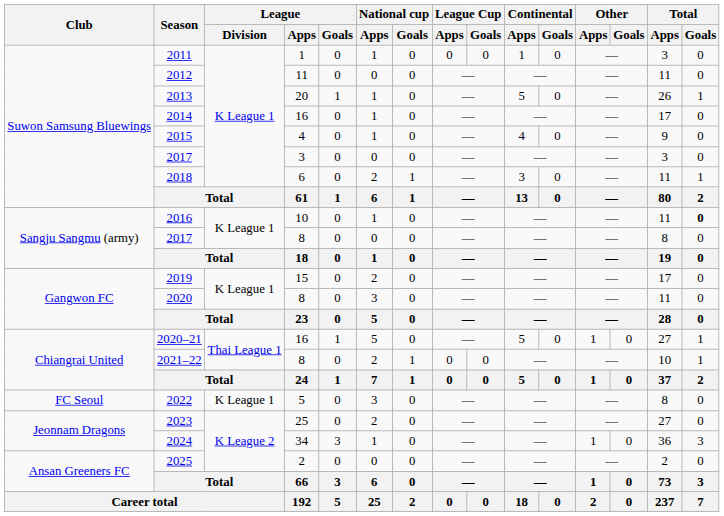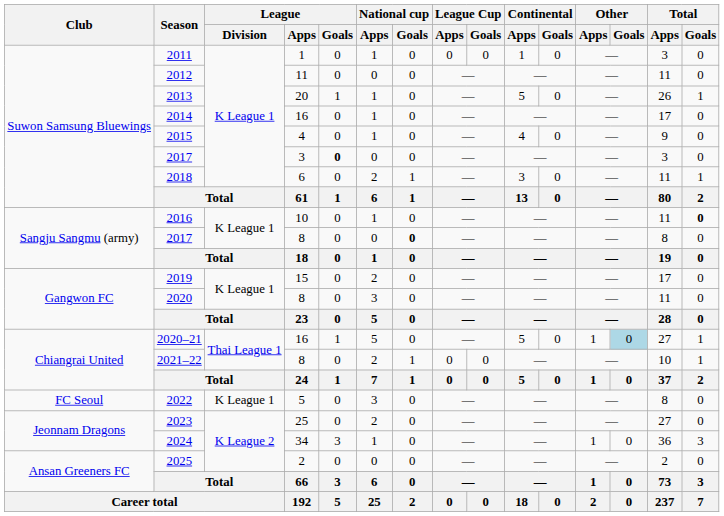 <table class="wikitable" style="text-align: center">
 <tr>
 <th rowspan="2">Club</th>
 <th rowspan="2">Season</th>
 <th colspan="3">League</th>
 <th colspan="2">National cup</th>
 <th colspan="2">League Cup</th>
 <th colspan="2">Continental</th>
 <th colspan="2">Other</th>
 <th colspan="2">Total</th>
 </tr>
 <tr>
 <th>Division</th>
 <th>Apps</th>
 <th>Goals</th>
 <th>Apps</th>
 <th>Goals</th>
 <th>Apps</th>
 <th>Goals</th>
 <th>Apps</th>
 <th>Goals</th>
 <th>Apps</th>
 <th>Goals</th>
 <th>Apps</th>
 <th>Goals</th>
 </tr>
 <tr>
 <td rowspan="8"><a href='#'>Suwon Samsung Bluewings</a></td>
 <td><a href='#'>2011</a></td>
 <td rowspan="7"><a href='#'>K League 1</a></td>
 <td>1</td>
 <td>0</td>
 <td>1</td>
 <td>0</td>
 <td>0</td>
 <td>0</td>
 <td>1</td>
 <td>0</td>
 <td colspan="2">—</td>
 <td>3</td>
 <td>0</td>
 </tr>
 <tr>
 <td><a href='#'>2012</a></td>
 <td>11</td>
 <td>0</td>
 <td>0</td>
 <td>0</td>
 <td colspan="2">—</td>
 <td colspan="2">—</td>
 <td colspan="2">—</td>
 <td>11</td>
 <td>0</td>
 </tr>
 <tr>
 <td><a href='#'>2013</a></td>
 <td>20</td>
 <td>1</td>
 <td>1</td>
 <td>0</td>
 <td colspan="2">—</td>
 <td>5</td>
 <td>0</td>
 <td colspan="2">—</td>
 <td>26</td>
 <td>1</td>
 </tr>
 <tr>
 <td><a href='#'>2014</a></td>
 <td>16</td>
 <td>0</td>
 <td>1</td>
 <td>0</td>
 <td colspan="2">—</td>
 <td colspan="2">—</td>
 <td colspan="2">—</td>
 <td>17</td>
 <td>0</td>
 </tr>
 <tr>
 <td><a href='#'>2015</a></td>
 <td>4</td>
 <td>0</td>
 <td>1</td>
 <td>0</td>
 <td colspan="2">—</td>
 <td>4</td>
 <td>0</td>
 <td colspan="2">—</td>
 <td>9</td>
 <td>0</td>
 </tr>
 <tr>
 <td><a href='#'>2017</a></td>
 <td>3</td>
-<td>0</td>
+<td><strong>0</strong></td>
 <td>0</td>
 <td>0</td>
 <td colspan="2">—</td>
 <td colspan="2">—</td>
 <td colspan="2">—</td>
 <td>3</td>
 <td>0</td>
 </tr>
 <tr>
 <td><a href='#'>2018</a></td>
 <td>6</td>
 <td>0</td>
 <td>2</td>
 <td>1</td>
 <td colspan="2">—</td>
 <td>3</td>
 <td>0</td>
 <td colspan="2">—</td>
 <td>11</td>
 <td>1</td>
 </tr>
 <tr>
 <th colspan="2">Total</th>
 <th>61</th>
 <th>1</th>
 <th>6</th>
 <th>1</th>
 <th colspan="2">—</th>
 <th>13</th>
 <th>0</th>
 <th colspan="2">—</th>
 <th>80</th>
 <th>2</th>
 </tr>
 <tr>
 <td rowspan="3"><a href='#'>Sangju Sangmu</a> (army)</td>
 <td><a href='#'>2016</a></td>
 <td rowspan="2">K League 1</td>
 <td>10</td>
 <td>0</td>
 <td>1</td>
 <td>0</td>
 <td colspan="2">—</td>
 <td colspan="2">—</td>
 <td colspan="2">—</td>
 <td>11</td>
 <td><strong>0</strong></td>
 </tr>
 <tr>
 <td><a href='#'>2017</a></td>
 <td>8</td>
 <td>0</td>
 <td>0</td>
-<td>0</td>
+<td><strong>0</strong></td>
 <td colspan="2">—</td>
 <td colspan="2">—</td>
 <td colspan="2">—</td>
 <td>8</td>
 <td>0</td>
 </tr>
 <tr>
 <th colspan="2">Total</th>
 <th>18</th>
 <th>0</th>
 <th>1</th>
 <th>0</th>
 <th colspan="2">—</th>
 <th colspan="2">—</th>
 <th colspan="2">—</th>
 <th>19</th>
 <th>0</th>
 </tr>
 <tr>
 <td rowspan="3"><a href='#'>Gangwon FC</a></td>
 <td><a href='#'>2019</a></td>
 <td rowspan="2">K League 1</td>
 <td>15</td>
 <td>0</td>
 <td>2</td>
 <td>0</td>
 <td colspan="2">—</td>
 <td colspan="2">—</td>
 <td colspan="2">—</td>
 <td>17</td>
 <td>0</td>
 </tr>
 <tr>
 <td><a href='#'>2020</a></td>
 <td>8</td>
 <td>0</td>
 <td>3</td>
 <td>0</td>
 <td colspan="2">—</td>
 <td colspan="2">—</td>
 <td colspan="2">—</td>
 <td>11</td>
 <td>0</td>
 </tr>
 <tr>
 <th colspan="2">Total</th>
 <th>23</th>
 <th>0</th>
 <th>5</th>
 <th>0</th>
 <th colspan="2">—</th>
 <th colspan="2">—</th>
 <th colspan="2">—</th>
 <th>28</th>
 <th>0</th>
 </tr>
 <tr>
 <td rowspan="3"><a href='#'>Chiangrai United</a></td>
 <td><a href='#'>2020–21</a></td>
 <td rowspan="2"><a href='#'>Thai League 1</a></td>
 <td>16</td>
 <td>1</td>
 <td>5</td>
 <td>0</td>
 <td colspan="2">—</td>
 <td>5</td>
 <td>0</td>
 <td>1</td>
-<td>0</td>
+<td style="background: lightblue;">0</td>
 <td>27</td>
 <td>1</td>
 </tr>
 <tr>
 <td><a href='#'>2021–22</a></td>
 <td>8</td>
 <td>0</td>
 <td>2</td>
 <td>1</td>
 <td>0</td>
 <td>0</td>
 <td colspan="2">—</td>
 <td colspan="2">—</td>
 <td>10</td>
 <td>1</td>
 </tr>
 <tr>
 <th colspan="2">Total</th>
 <th>24</th>
 <th>1</th>
 <th>7</th>
 <th>1</th>
 <th>0</th>
 <th>0</th>
 <th>5</th>
 <th>0</th>
 <th>1</th>
 <th>0</th>
 <th>37</th>
 <th>2</th>
 </tr>
 <tr>
 <td><a href='#'>FC Seoul</a></td>
 <td><a href='#'>2022</a></td>
 <td>K League 1</td>
 <td>5</td>
 <td>0</td>
 <td>3</td>
 <td>0</td>
 <td colspan="2">—</td>
 <td colspan="2">—</td>
 <td colspan="2">—</td>
 <td>8</td>
 <td>0</td>
 </tr>
 <tr>
 <td rowspan="2"><a href='#'>Jeonnam Dragons</a></td>
 <td><a href='#'>2023</a></td>
 <td rowspan="3"><a href='#'>K League 2</a></td>
 <td>25</td>
 <td>0</td>
 <td>2</td>
 <td>0</td>
 <td colspan="2">—</td>
 <td colspan="2">—</td>
 <td colspan="2">—</td>
 <td>27</td>
 <td>0</td>
 </tr>
 <tr>
 <td><a href='#'>2024</a></td>
 <td>34</td>
 <td>3</td>
 <td>1</td>
 <td>0</td>
 <td colspan="2">—</td>
 <td colspan="2">—</td>
 <td>1</td>
 <td>0</td>
 <td>36</td>
 <td>3</td>
 </tr>
 <tr>
 <td rowspan="2"><a href='#'>Ansan Greeners FC</a></td>
 <td><a href='#'>2025</a></td>
 <td>2</td>
 <td>0</td>
 <td>0</td>
 <td>0</td>
 <td colspan="2">—</td>
 <td colspan="2">—</td>
 <td colspan="2">—</td>
 <td>2</td>
 <td>0</td>
 </tr>
 <tr>
 <th colspan="2">Total</th>
 <th>66</th>
 <th>3</th>
 <th>6</th>
 <th>0</th>
 <th colspan="2">—</th>
 <th colspan="2">—</th>
 <th>1</th>
 <th>0</th>
 <th>73</th>
 <th>3</th>
 </tr>
 <tr>
 <th colspan="3">Career total</th>
 <th>192</th>
 <th>5</th>
 <th>25</th>
 <th>2</th>
 <th>0</th>
 <th>0</th>
 <th>18</th>
 <th>0</th>
 <th>2</th>
 <th>0</th>
 <th>237</th>
 <th>7</th>
 </tr>
 </table>
